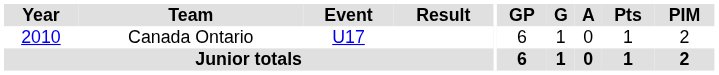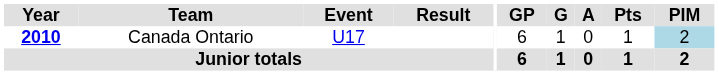 <table border="0" cellpadding="1" cellspacing="0" ID="Table3" style="text-align:center; width:40em">
 <tr ALIGN="center" bgcolor="#e0e0e0">
 <th>Year</th>
 <th>Team</th>
 <th>Event</th>
 <th>Result</th>
 <th rowspan="99" bgcolor="#ffffff"></th>
 <th>GP</th>
 <th>G</th>
 <th>A</th>
 <th>Pts</th>
 <th>PIM</th>
 </tr>
 <tr>
-<td><a href='#'>2010</a></td>
+<td><strong><a href='#'>2010</a></strong></td>
 <td>Canada Ontario</td>
 <td><a href='#'>U17</a></td>
 <td></td>
 <td>6</td>
 <td>1</td>
 <td>0</td>
 <td>1</td>
-<td>2</td>
+<td style="background: lightblue;">2</td>
 </tr>
 <tr bgcolor="#e0e0e0">
 <th colspan="4">Junior totals</th>
 <th>6</th>
 <th>1</th>
 <th>0</th>
 <th>1</th>
 <th>2</th>
 </tr>
 </table>
